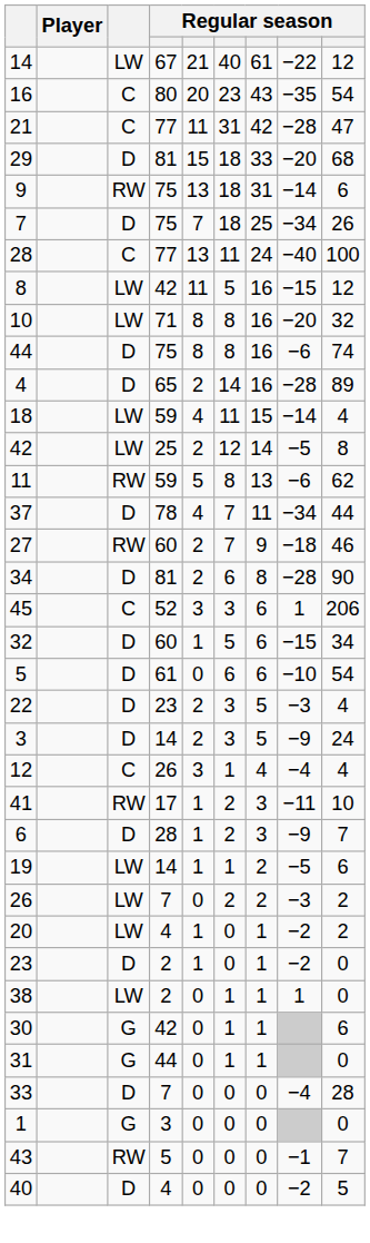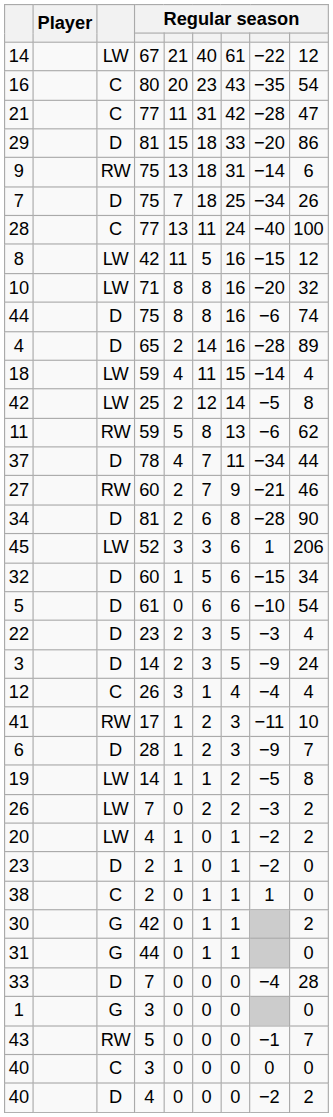 <table class="wikitable sortable plainrowheaders" style="text-align:center;">
 <tr>
 <th scope="col" data-sort-type="number" rowspan="2"></th>
 <th scope="col" rowspan="2">Player</th>
 <th scope="col" rowspan="2"></th>
 <th scope=colgroup colspan=6>Regular season</th>
 </tr>
 <tr>
 <th scope="col" data-sort-type="number"></th>
 <th scope="col" data-sort-type="number"></th>
 <th scope="col" data-sort-type="number"></th>
 <th scope="col" data-sort-type="number"></th>
 <th scope="col" data-sort-type="number"></th>
 <th scope="col" data-sort-type="number"></th>
 </tr>
 <tr>
 <td scope="row">14</td>
 <td align="left"></td>
 <td>LW</td>
 <td>67</td>
 <td>21</td>
 <td>40</td>
 <td>61</td>
 <td>−22</td>
 <td>12</td>
 </tr>
 <tr>
 <td scope="row">16</td>
 <td align="left"></td>
 <td>C</td>
 <td>80</td>
 <td>20</td>
 <td>23</td>
 <td>43</td>
 <td>−35</td>
 <td>54</td>
 </tr>
 <tr>
 <td scope="row">21</td>
 <td align="left"></td>
 <td>C</td>
 <td>77</td>
 <td>11</td>
 <td>31</td>
 <td>42</td>
 <td>−28</td>
 <td>47</td>
 </tr>
 <tr>
 <td scope="row">29</td>
 <td align="left"></td>
 <td>D</td>
 <td>81</td>
 <td>15</td>
 <td>18</td>
 <td>33</td>
 <td>−20</td>
-<td>68</td>
+<td>86</td>
 </tr>
 <tr>
 <td scope="row">9</td>
 <td align="left"></td>
 <td>RW</td>
 <td>75</td>
 <td>13</td>
 <td>18</td>
 <td>31</td>
 <td>−14</td>
 <td>6</td>
 </tr>
 <tr>
 <td scope="row">7</td>
 <td align="left"></td>
 <td>D</td>
 <td>75</td>
 <td>7</td>
 <td>18</td>
 <td>25</td>
 <td>−34</td>
 <td>26</td>
 </tr>
 <tr>
 <td scope="row">28</td>
 <td align="left"></td>
 <td>C</td>
 <td>77</td>
 <td>13</td>
 <td>11</td>
 <td>24</td>
 <td>−40</td>
 <td>100</td>
 </tr>
 <tr>
 <td scope="row">8</td>
 <td align="left"></td>
 <td>LW</td>
 <td>42</td>
 <td>11</td>
 <td>5</td>
 <td>16</td>
 <td>−15</td>
 <td>12</td>
 </tr>
 <tr>
 <td scope="row">10</td>
 <td align="left"></td>
 <td>LW</td>
 <td>71</td>
 <td>8</td>
 <td>8</td>
 <td>16</td>
 <td>−20</td>
 <td>32</td>
 </tr>
 <tr>
 <td scope="row">44</td>
 <td align="left"></td>
 <td>D</td>
 <td>75</td>
 <td>8</td>
 <td>8</td>
 <td>16</td>
 <td>−6</td>
 <td>74</td>
 </tr>
 <tr>
 <td scope="row">4</td>
 <td align="left"></td>
 <td>D</td>
 <td>65</td>
 <td>2</td>
 <td>14</td>
 <td>16</td>
 <td>−28</td>
 <td>89</td>
 </tr>
 <tr>
 <td scope="row">18</td>
 <td align="left"></td>
 <td>LW</td>
 <td>59</td>
 <td>4</td>
 <td>11</td>
 <td>15</td>
 <td>−14</td>
 <td>4</td>
 </tr>
 <tr>
 <td scope="row">42</td>
 <td align="left"></td>
 <td>LW</td>
 <td>25</td>
 <td>2</td>
 <td>12</td>
 <td>14</td>
 <td>−5</td>
 <td>8</td>
 </tr>
 <tr>
 <td scope="row">11</td>
 <td align="left"></td>
 <td>RW</td>
 <td>59</td>
 <td>5</td>
 <td>8</td>
 <td>13</td>
 <td>−6</td>
 <td>62</td>
 </tr>
 <tr>
 <td scope="row">37</td>
 <td align="left"></td>
 <td>D</td>
 <td>78</td>
 <td>4</td>
 <td>7</td>
 <td>11</td>
 <td>−34</td>
 <td>44</td>
 </tr>
 <tr>
 <td scope="row">27</td>
 <td align="left"></td>
 <td>RW</td>
 <td>60</td>
 <td>2</td>
 <td>7</td>
 <td>9</td>
-<td>−18</td>
+<td>−21</td>
 <td>46</td>
 </tr>
 <tr>
 <td scope="row">34</td>
 <td align="left"></td>
 <td>D</td>
 <td>81</td>
 <td>2</td>
 <td>6</td>
 <td>8</td>
 <td>−28</td>
 <td>90</td>
 </tr>
 <tr>
 <td scope="row">45</td>
 <td align="left"></td>
-<td>C</td>
+<td>LW</td>
 <td>52</td>
 <td>3</td>
 <td>3</td>
 <td>6</td>
 <td>1</td>
 <td>206</td>
 </tr>
 <tr>
 <td scope="row">32</td>
 <td align="left"></td>
 <td>D</td>
 <td>60</td>
 <td>1</td>
 <td>5</td>
 <td>6</td>
 <td>−15</td>
 <td>34</td>
 </tr>
 <tr>
 <td scope="row">5</td>
 <td align="left"></td>
 <td>D</td>
 <td>61</td>
 <td>0</td>
 <td>6</td>
 <td>6</td>
 <td>−10</td>
 <td>54</td>
 </tr>
 <tr>
 <td scope="row">22</td>
 <td align="left"></td>
 <td>D</td>
 <td>23</td>
 <td>2</td>
 <td>3</td>
 <td>5</td>
 <td>−3</td>
 <td>4</td>
 </tr>
 <tr>
 <td scope="row">3</td>
 <td align="left"></td>
 <td>D</td>
 <td>14</td>
 <td>2</td>
 <td>3</td>
 <td>5</td>
 <td>−9</td>
 <td>24</td>
 </tr>
 <tr>
 <td scope="row">12</td>
 <td align="left"></td>
 <td>C</td>
 <td>26</td>
 <td>3</td>
 <td>1</td>
 <td>4</td>
 <td>−4</td>
 <td>4</td>
 </tr>
 <tr>
 <td scope="row">41</td>
 <td align="left"></td>
 <td>RW</td>
 <td>17</td>
 <td>1</td>
 <td>2</td>
 <td>3</td>
 <td>−11</td>
 <td>10</td>
 </tr>
 <tr>
 <td scope="row">6</td>
 <td align="left"></td>
 <td>D</td>
 <td>28</td>
 <td>1</td>
 <td>2</td>
 <td>3</td>
 <td>−9</td>
 <td>7</td>
 </tr>
 <tr>
 <td scope="row">19</td>
 <td align="left"></td>
 <td>LW</td>
 <td>14</td>
 <td>1</td>
 <td>1</td>
 <td>2</td>
 <td>−5</td>
-<td>6</td>
+<td>8</td>
 </tr>
 <tr>
 <td scope="row">26</td>
 <td align="left"></td>
 <td>LW</td>
 <td>7</td>
 <td>0</td>
 <td>2</td>
 <td>2</td>
 <td>−3</td>
 <td>2</td>
 </tr>
 <tr>
 <td scope="row">20</td>
 <td align="left"></td>
 <td>LW</td>
 <td>4</td>
 <td>1</td>
 <td>0</td>
 <td>1</td>
 <td>−2</td>
 <td>2</td>
 </tr>
 <tr>
 <td scope="row">23</td>
 <td align="left"></td>
 <td>D</td>
 <td>2</td>
 <td>1</td>
 <td>0</td>
 <td>1</td>
 <td>−2</td>
 <td>0</td>
 </tr>
 <tr>
 <td scope="row">38</td>
 <td align="left"></td>
-<td>LW</td>
+<td>C</td>
 <td>2</td>
 <td>0</td>
 <td>1</td>
 <td>1</td>
 <td>1</td>
 <td>0</td>
 </tr>
 <tr>
 <td scope="row">30</td>
 <td align="left"></td>
 <td>G</td>
 <td>42</td>
 <td>0</td>
 <td>1</td>
 <td>1</td>
 <td style="background:#ccc"></td>
-<td>6</td>
+<td>2</td>
 </tr>
 <tr>
 <td scope="row">31</td>
 <td align="left"></td>
 <td>G</td>
 <td>44</td>
 <td>0</td>
 <td>1</td>
 <td>1</td>
 <td style="background:#ccc"></td>
 <td>0</td>
 </tr>
 <tr>
 <td scope="row">33</td>
 <td align="left"></td>
 <td>D</td>
 <td>7</td>
 <td>0</td>
 <td>0</td>
 <td>0</td>
 <td>−4</td>
 <td>28</td>
 </tr>
 <tr>
 <td scope="row">1</td>
 <td align="left"></td>
 <td>G</td>
 <td>3</td>
 <td>0</td>
 <td>0</td>
 <td>0</td>
 <td style="background:#ccc"></td>
 <td>0</td>
 </tr>
 <tr>
 <td scope="row">43</td>
 <td align="left"></td>
 <td>RW</td>
 <td>5</td>
 <td>0</td>
 <td>0</td>
 <td>0</td>
 <td>−1</td>
 <td>7</td>
 </tr>
 <tr>
 <td scope="row">40</td>
 <td align="left"></td>
+<td>C</td>
+<td>3</td>
+<td>0</td>
+<td>0</td>
+<td>0</td>
+<td>0</td>
+<td>0</td>
+</tr>
+<tr>
+<td scope="row">40</td>
+<td align="left"></td>
 <td>D</td>
 <td>4</td>
 <td>0</td>
 <td>0</td>
 <td>0</td>
 <td>−2</td>
-<td>5</td>
+<td>2</td>
 </tr>
 </table>
